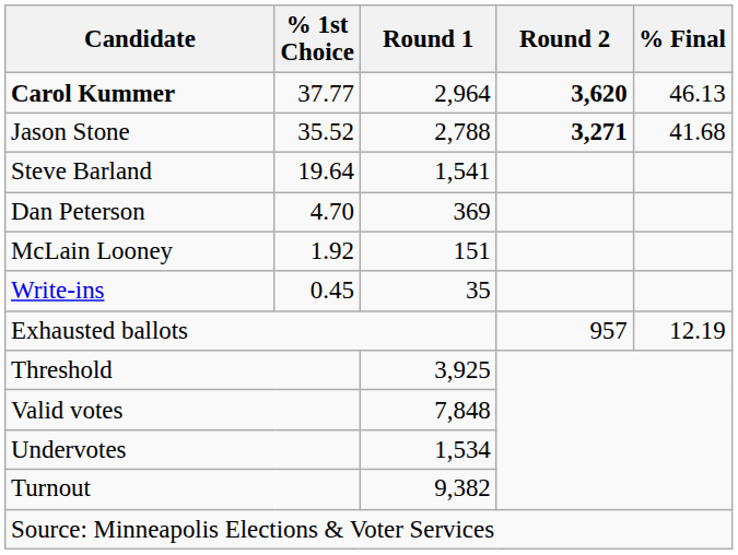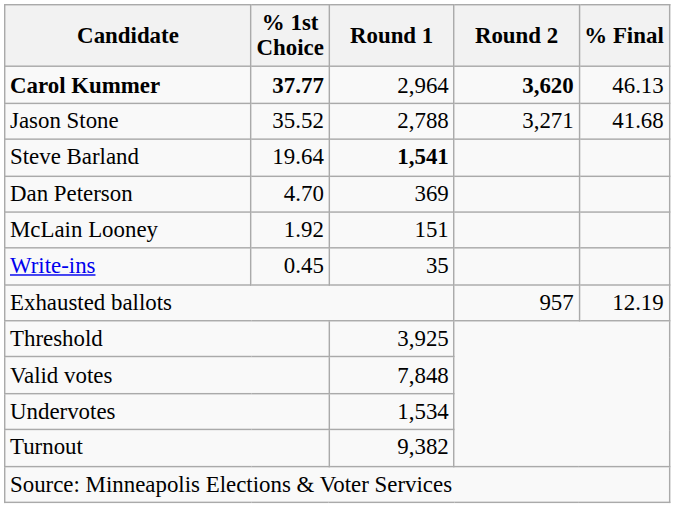 <table class="wikitable">
 <tr>
 <th style="width:165px">Candidate</th>
 <th>% 1st<br>Choice</th>
 <th style="width:80px">Round 1</th>
 <th style="width:80px">Round 2</th>
 <th>% Final</th>
 </tr>
 <tr>
 <td><strong>Carol Kummer</strong></td>
-<td align="right">37.77</td>
+<td align="right"><strong>37.77</strong></td>
 <td align="right">2,964</td>
 <td align="right"><strong>3,620</strong></td>
 <td align="right">46.13</td>
 </tr>
 <tr>
 <td>Jason Stone</td>
 <td align="right">35.52</td>
 <td align="right">2,788</td>
-<td align="right"><strong>3,271</strong></td>
+<td align="right">3,271</td>
 <td align="right">41.68</td>
 </tr>
 <tr>
 <td>Steve Barland</td>
 <td align="right">19.64</td>
-<td align="right">1,541</td>
+<td align="right"><strong>1,541</strong></td>
 <td></td>
 <td></td>
 </tr>
 <tr>
 <td>Dan Peterson</td>
 <td align="right">4.70</td>
 <td align="right">369</td>
 <td></td>
 <td></td>
 </tr>
 <tr>
 <td>McLain Looney</td>
 <td align="right">1.92</td>
 <td align="right">151</td>
 <td></td>
 <td></td>
 </tr>
 <tr>
 <td><a href='#'>Write-ins</a></td>
 <td align="right">0.45</td>
 <td align="right">35</td>
 <td></td>
 <td></td>
 </tr>
 <tr>
 <td colspan="3">Exhausted ballots</td>
 <td align="right">957</td>
 <td align="right">12.19</td>
 </tr>
 <tr>
 <td colspan="2">Threshold</td>
 <td align="right">3,925</td>
 <td colspan="2" rowspan="4"></td>
 </tr>
 <tr>
 <td colspan="2">Valid votes</td>
 <td align="right">7,848</td>
 </tr>
 <tr>
 <td colspan="2">Undervotes</td>
 <td align="right">1,534</td>
 </tr>
 <tr>
 <td colspan="2">Turnout</td>
 <td align="right">9,382</td>
 </tr>
 <tr>
 <td colspan="5">Source: Minneapolis Elections & Voter Services</td>
 </tr>
 </table>
